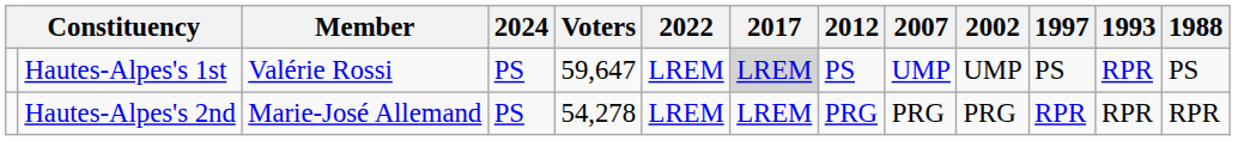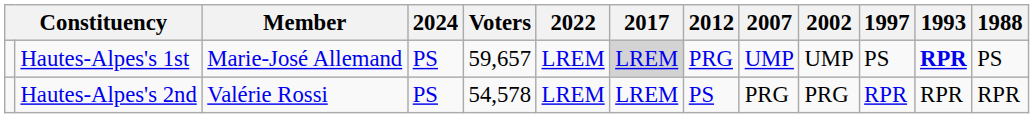 <table class="wikitable sortable">
 <tr>
 <th colspan="2">Constituency</th>
 <th>Member</th>
 <th>2024</th>
 <th>Voters</th>
 <th>2022</th>
 <th>2017</th>
 <th>2012</th>
 <th>2007</th>
 <th>2002</th>
 <th>1997</th>
 <th>1993</th>
 <th>1988</th>
 </tr>
 <tr>
 <td style="background-color: "></td>
 <td><a href='#'>Hautes-Alpes's 1st</a></td>
-<td><a href='#'>Valérie Rossi</a></td>
+<td><a href='#'>Marie-José Allemand</a></td>
 <td bgcolor=><a href='#'>PS</a></td>
-<td>59,647</td>
+<td>59,657</td>
 <td><a href='#'>LREM</a></td>
 <td style="background: lightgrey;"><a href='#'>LREM</a></td>
-<td bgcolor=><a href='#'>PS</a></td>
+<td bgcolor=><a href='#'>PRG</a></td>
 <td bgcolor=><a href='#'>UMP</a></td>
 <td bgcolor=>UMP</td>
 <td bgcolor=>PS</td>
-<td bgcolor=><a href='#'>RPR</a></td>
+<td bgcolor=><strong><a href='#'>RPR</a></strong></td>
 <td bgcolor=>PS</td>
 </tr>
 <tr>
 <td style="background-color: "></td>
 <td><a href='#'>Hautes-Alpes's 2nd</a></td>
-<td><a href='#'>Marie-José Allemand</a></td>
+<td><a href='#'>Valérie Rossi</a></td>
 <td bgcolor=><a href='#'>PS</a></td>
-<td>54,278</td>
+<td>54,578</td>
 <td><a href='#'>LREM</a></td>
 <td><a href='#'>LREM</a></td>
-<td bgcolor=><a href='#'>PRG</a></td>
+<td bgcolor=><a href='#'>PS</a></td>
 <td bgcolor=>PRG</td>
 <td bgcolor=>PRG</td>
 <td bgcolor=><a href='#'>RPR</a></td>
 <td bgcolor=>RPR</td>
 <td bgcolor=>RPR</td>
 </tr>
 </table>
